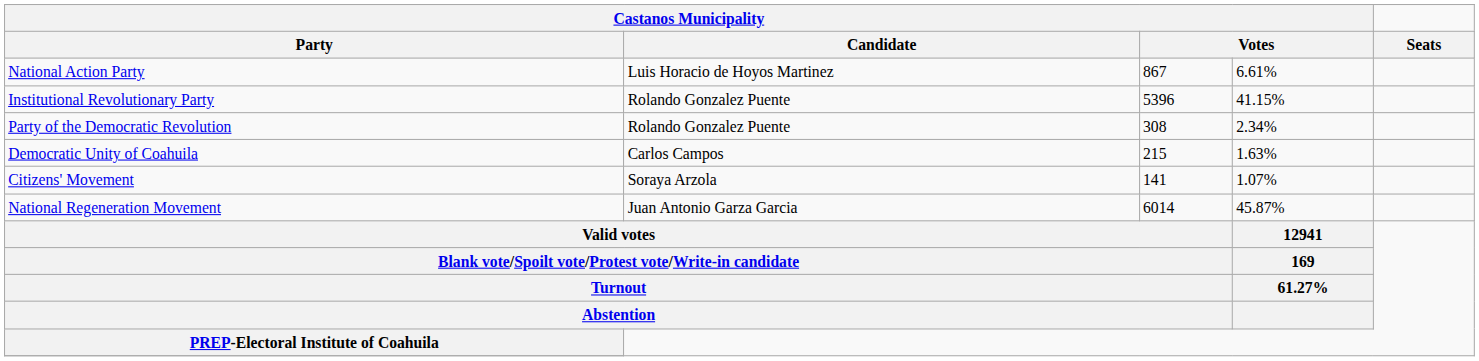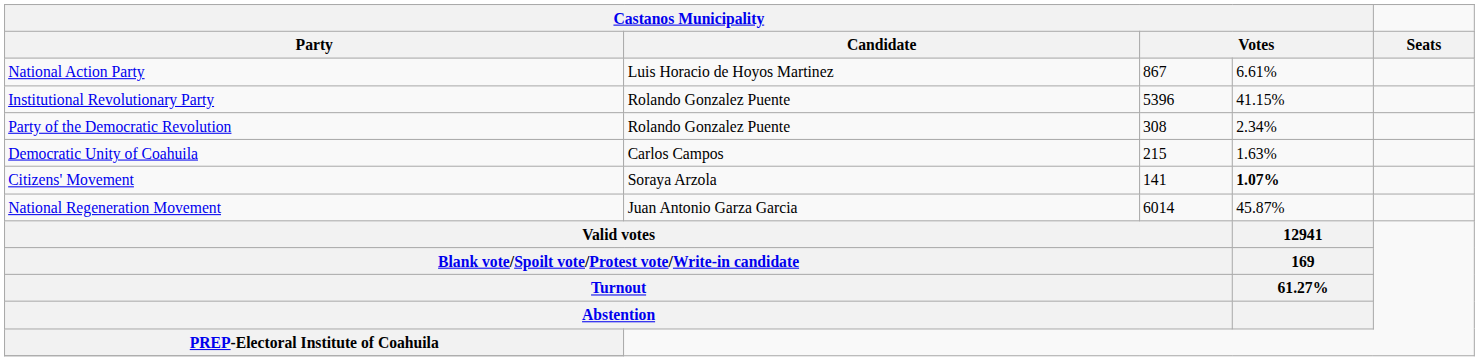 <table class="wikitable collapsible collapsed" style="font-size:95%; width:72%; line-height:126%; margin-bottom:0">
 <tr>
 <th Colspan = 4> <strong><a href='#'>Castanos Municipality</a></strong></th>
 </tr>
 <tr style="background:#efefef;">
 <th Colspan = 1><strong>Party</strong></th>
 <th Colspan = 1><strong>Candidate</strong></th>
 <th Colspan = 2><strong>Votes</strong></th>
 <th Colspan = 1><strong>Seats</strong></th>
 </tr>
 <tr>
 <td> <a href='#'>National Action Party</a></td>
 <td>Luis Horacio de Hoyos Martinez</td>
 <td>867</td>
 <td>6.61%</td>
 <td></td>
 </tr>
 <tr>
 <td> <a href='#'>Institutional Revolutionary Party</a></td>
 <td>Rolando Gonzalez Puente</td>
 <td>5396</td>
 <td>41.15%</td>
 <td></td>
 </tr>
 <tr>
 <td> <a href='#'>Party of the Democratic Revolution</a></td>
 <td>Rolando Gonzalez Puente</td>
 <td>308</td>
 <td>2.34%</td>
 <td></td>
 </tr>
 <tr>
 <td><a href='#'>Democratic Unity of Coahuila</a></td>
 <td>Carlos Campos</td>
 <td>215</td>
 <td>1.63%</td>
 <td></td>
 </tr>
 <tr>
 <td> <a href='#'>Citizens' Movement</a></td>
 <td>Soraya Arzola</td>
 <td>141</td>
-<td>1.07%</td>
+<td><strong>1.07%</strong></td>
 <td></td>
 </tr>
 <tr>
 <td> <a href='#'>National Regeneration Movement</a></td>
 <td>Juan Antonio Garza Garcia</td>
 <td>6014</td>
 <td>45.87%</td>
 <td></td>
 </tr>
 <tr>
 <th Colspan = 3><strong>Valid votes</strong></th>
 <th>12941</th>
 </tr>
 <tr>
 <th Colspan = 3><strong><a href='#'>Blank vote</a>/<a href='#'>Spoilt vote</a>/<a href='#'>Protest vote</a>/<a href='#'>Write-in candidate</a></strong></th>
 <th>169</th>
 </tr>
 <tr>
 <th Colspan = 3><strong><a href='#'>Turnout</a></strong></th>
 <th>61.27%</th>
 </tr>
 <tr>
 <th Colspan = 3><strong><a href='#'>Abstention</a></strong></th>
 <th></th>
 </tr>
 <tr>
 <th Colspan =><a href='#'>PREP</a>-Electoral Institute of Coahuila</th>
 </tr>
 <tr>
 </tr>
 </table>
